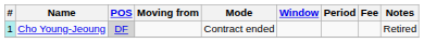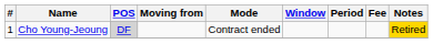 <table class="wikitable sortable" style="text-align: center; font-size:90%;">
 <tr>
 <th>#</th>
 <th>Name</th>
 <th><a href='#'>POS</a></th>
 <th>Moving from</th>
 <th>Mode</th>
 <th><a href='#'>Window</a></th>
 <th>Period</th>
 <th>Fee</th>
 <th>Notes</th>
 </tr>
 <tr>
-<td style="background: paleturquoise;">1</td>
+<td>1</td>
 <td align=left> <a href='#'>Cho Young-Jeoung</a></td>
 <td style="background: lightgrey;"><a href='#'>DF</a></td>
 <td align=left></td>
 <td>Contract ended</td>
 <td></td>
 <td></td>
 <td></td>
-<td>Retired</td>
+<td style="background: gold;">Retired</td>
 </tr>
 <tr>
 </tr>
 </table>
